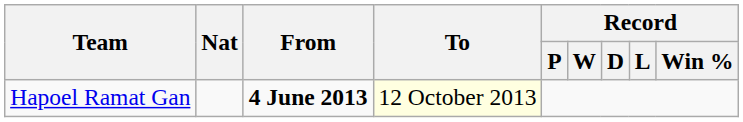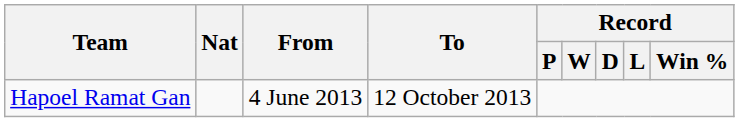 <table class="wikitable" style="text-align: center">
 <tr>
 <th rowspan="2">Team</th>
 <th rowspan="2">Nat</th>
 <th rowspan="2">From</th>
 <th rowspan="2">To</th>
 <th colspan="7">Record</th>
 </tr>
 <tr>
 <th>P</th>
 <th>W</th>
 <th>D</th>
 <th>L</th>
 <th>Win %</th>
 </tr>
 <tr>
 <td align=left><a href='#'>Hapoel Ramat Gan</a></td>
 <td></td>
-<td align=left><strong>4 June 2013</strong></td>
-<td align=left style="background: lightyellow;">12 October 2013<br></td>
+<td align=left>4 June 2013</td>
+<td align=left>12 October 2013<br></td>
 </tr>
 </table>
